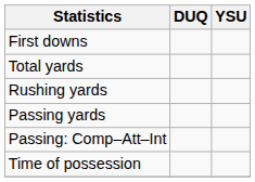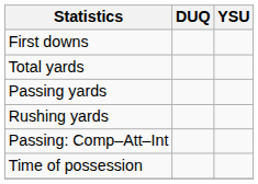 <table class="wikitable" style="float: left;">
 <tr>
 <th>Statistics</th>
 <th>DUQ</th>
 <th>YSU</th>
 </tr>
 <tr>
 <td>First downs</td>
 <td></td>
 <td></td>
 </tr>
 <tr>
 <td>Total yards</td>
 <td></td>
 <td></td>
 </tr>
 <tr>
-<td>Rushing yards</td>
+<td>Passing yards</td>
 <td></td>
 <td></td>
 </tr>
 <tr>
-<td>Passing yards</td>
+<td>Rushing yards</td>
 <td></td>
 <td></td>
 </tr>
 <tr>
 <td>Passing: Comp–Att–Int</td>
 <td></td>
 <td></td>
 </tr>
 <tr>
 <td>Time of possession</td>
 <td></td>
 <td></td>
 </tr>
 <tr>
 </tr>
 </table>
